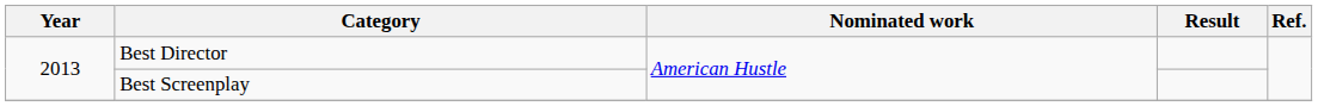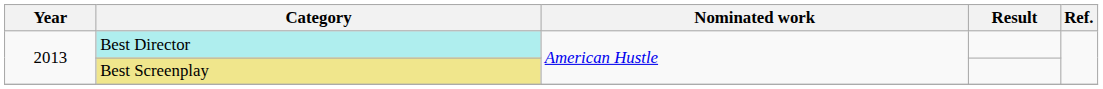 <table class=wikitable>
 <tr>
 <th scope="col" style="width:5em;">Year</th>
 <th scope="col" style="width:26em;">Category</th>
 <th scope="col" style="width:25em;">Nominated work</th>
 <th scope="col" style="width:5em;">Result</th>
 <th>Ref.</th>
 </tr>
 <tr>
 <td style="text-align:center;", rowspan=2>2013</td>
-<td>Best Director</td>
+<td style="background: paleturquoise;">Best Director</td>
 <td rowspan=2><em><a href='#'>American Hustle</a></em></td>
 <td></td>
 <td rowspan=2></td>
 </tr>
 <tr>
-<td>Best Screenplay</td>
+<td style="background: khaki;">Best Screenplay</td>
 <td></td>
 </tr>
 <tr>
 </tr>
 </table>
